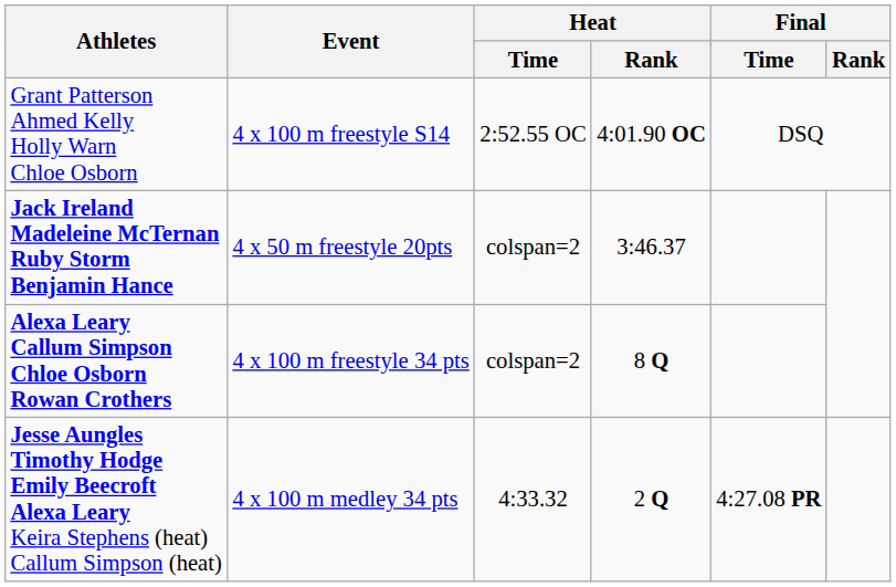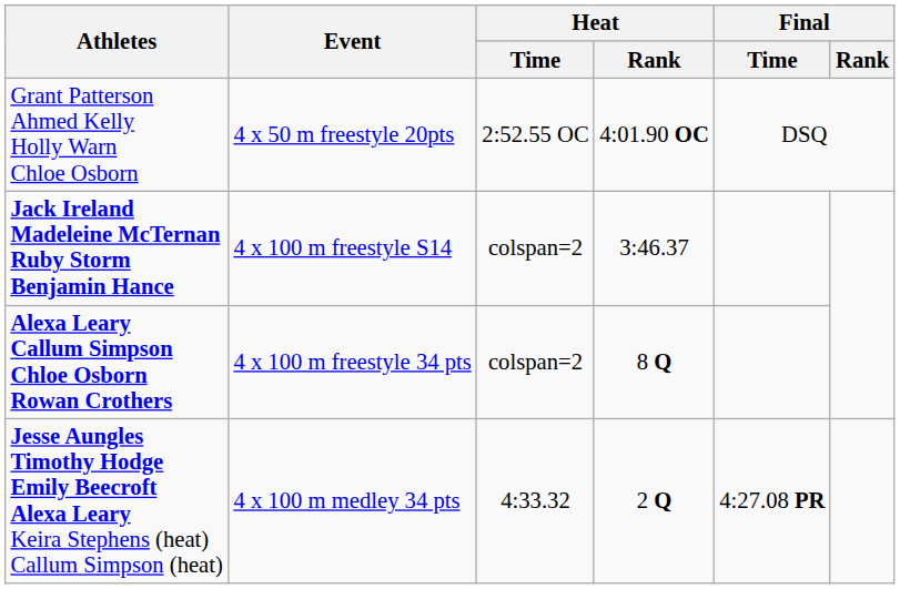 <table class=wikitable>
 <tr>
 <th rowspan="2">Athletes</th>
 <th rowspan="2">Event</th>
 <th colspan="2">Heat</th>
 <th colspan="2">Final</th>
 </tr>
 <tr>
 <th>Time</th>
 <th>Rank</th>
 <th>Time</th>
 <th>Rank</th>
 </tr>
 <tr align=center>
 <td align=left><a href='#'>Grant Patterson</a> <br> <a href='#'>Ahmed Kelly</a> <br> <a href='#'>Holly Warn</a> <br> <a href='#'>Chloe Osborn</a></td>
-<td align=left><a href='#'>4 x 100 m freestyle S14</a></td>
+<td align=left><a href='#'>4 x 50 m freestyle 20pts</a></td>
 <td>2:52.55 OC</td>
 <td>4:01.90 <strong>OC</strong></td>
 <td colspan=2>DSQ</td>
 </tr>
 <tr align=center>
 <td align=left><strong><a href='#'>Jack Ireland</a> <br> <a href='#'>Madeleine McTernan</a> <br> <a href='#'>Ruby Storm</a> <br> <a href='#'>Benjamin Hance</a></strong></td>
-<td align=left><a href='#'>4 x 50 m freestyle 20pts</a></td>
+<td align=left><a href='#'>4 x 100 m freestyle S14</a></td>
 <td>colspan=2 </td>
 <td>3:46.37</td>
 <td></td>
 </tr>
 <tr align=center>
 <td align=left><strong><a href='#'>Alexa Leary</a> <br> <a href='#'>Callum Simpson</a> <br> <a href='#'>Chloe Osborn</a> <br> <a href='#'>Rowan Crothers</a></strong></td>
 <td align=left><a href='#'>4 x 100 m freestyle 34 pts</a></td>
 <td>colspan=2 </td>
 <td>8 <strong>Q</strong></td>
 <td></td>
 </tr>
 <tr align=center>
 <td align=left><strong><a href='#'>Jesse Aungles</a> <br> <a href='#'>Timothy Hodge</a> <br>   <a href='#'>Emily Beecroft</a> <br> <a href='#'>Alexa Leary</a></strong> <br><a href='#'>Keira Stephens</a> (heat) <br> <a href='#'>Callum Simpson</a> (heat)</td>
 <td align=left><a href='#'>4 x 100 m medley 34 pts</a></td>
 <td>4:33.32</td>
 <td>2 <strong>Q</strong></td>
 <td>4:27.08 <strong>PR</strong></td>
 <td></td>
 </tr>
 </table>
